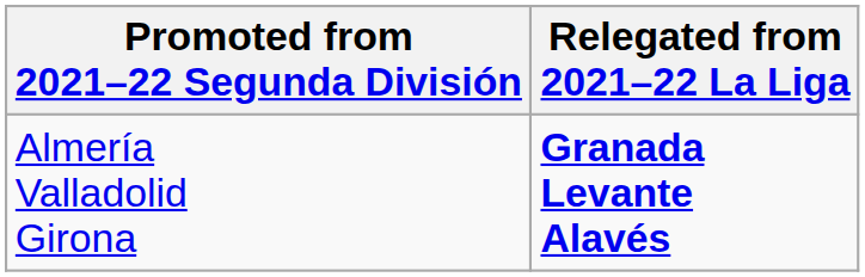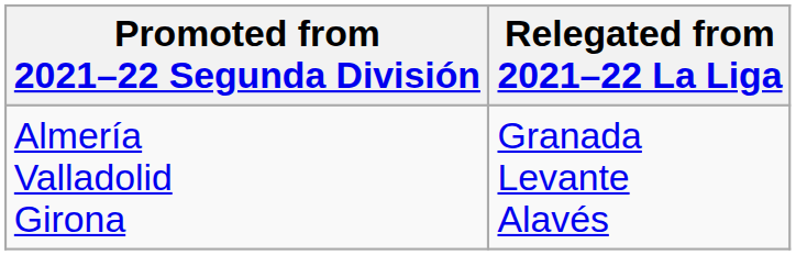 <table class="wikitable">
 <tr>
 <th>Promoted from<br><a href='#'>2021–22 Segunda División</a></th>
 <th>Relegated from<br><a href='#'>2021–22 La Liga</a></th>
 </tr>
 <tr>
 <td><a href='#'>Almería</a><br><a href='#'>Valladolid</a><br><a href='#'>Girona</a></td>
-<td><strong><a href='#'>Granada</a><br><a href='#'>Levante</a><br><a href='#'>Alavés</a></strong></td>
+<td><a href='#'>Granada</a><br><a href='#'>Levante</a><br><a href='#'>Alavés</a></td>
 </tr>
 </table>
